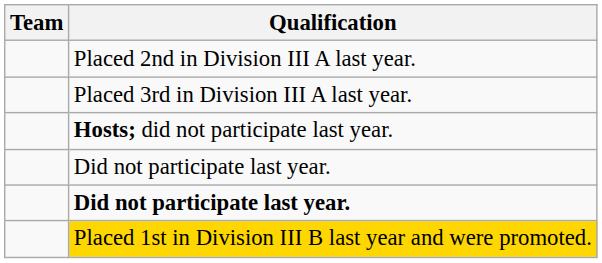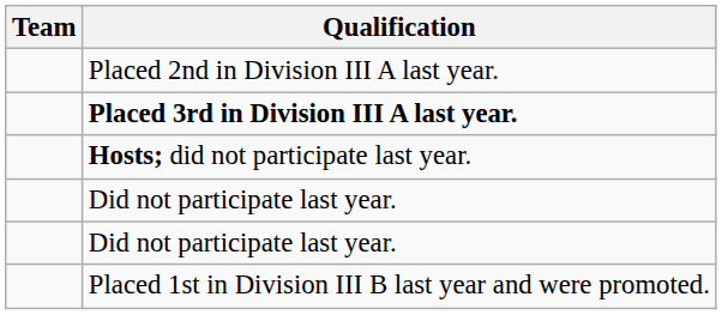 <table class="wikitable">
 <tr>
 <th>Team</th>
 <th>Qualification</th>
 </tr>
 <tr>
 <td></td>
 <td>Placed 2nd in Division III A last year.</td>
 </tr>
 <tr>
 <td></td>
-<td>Placed 3rd in Division III A last year.</td>
+<td><strong>Placed 3rd in Division III A last year.</strong></td>
 </tr>
 <tr>
 <td></td>
 <td><strong>Hosts;</strong> did not participate last year.</td>
 </tr>
 <tr>
 <td></td>
 <td>Did not participate last year.</td>
 </tr>
 <tr>
 <td></td>
-<td><strong>Did not participate last year.</strong></td>
+<td>Did not participate last year.</td>
 </tr>
 <tr>
 <td></td>
-<td style="background: gold;">Placed 1st in Division III B last year and were promoted.</td>
+<td>Placed 1st in Division III B last year and were promoted.</td>
 </tr>
 </table>
